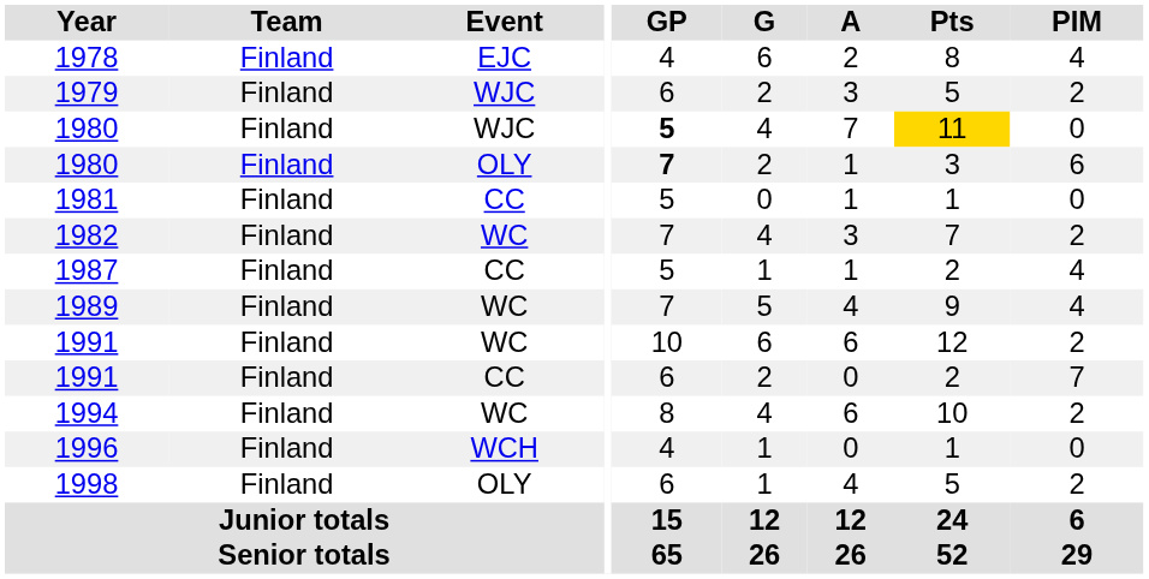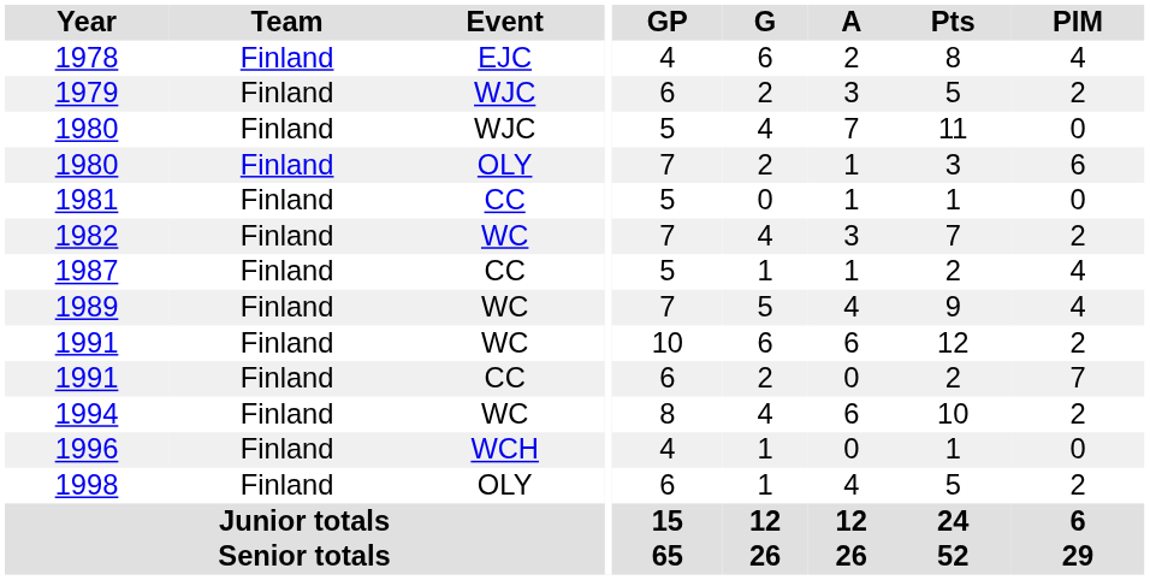 <table border="0" cellpadding="1" cellspacing="0" ID="Table3" style="text-align:center; width:40em">
 <tr bgcolor="#e0e0e0">
 <th>Year</th>
 <th>Team</th>
 <th>Event</th>
 <th rowspan="102" bgcolor="#ffffff"></th>
 <th>GP</th>
 <th>G</th>
 <th>A</th>
 <th>Pts</th>
 <th>PIM</th>
 </tr>
 <tr>
 <td><a href='#'>1978</a></td>
 <td><a href='#'>Finland</a></td>
 <td><a href='#'>EJC</a></td>
 <td>4</td>
 <td>6</td>
 <td>2</td>
 <td>8</td>
 <td>4</td>
 </tr>
 <tr bgcolor="#f0f0f0">
 <td><a href='#'>1979</a></td>
 <td>Finland</td>
 <td><a href='#'>WJC</a></td>
 <td>6</td>
 <td>2</td>
 <td>3</td>
 <td>5</td>
 <td>2</td>
 </tr>
 <tr>
 <td><a href='#'>1980</a></td>
 <td>Finland</td>
 <td>WJC</td>
-<td><strong>5</strong></td>
+<td>5</td>
 <td>4</td>
 <td>7</td>
-<td style="background: gold;">11</td>
+<td>11</td>
 <td>0</td>
 </tr>
 <tr bgcolor="#f0f0f0">
 <td><a href='#'>1980</a></td>
 <td><a href='#'>Finland</a></td>
 <td><a href='#'>OLY</a></td>
-<td><strong>7</strong></td>
+<td>7</td>
 <td>2</td>
 <td>1</td>
 <td>3</td>
 <td>6</td>
 </tr>
 <tr>
 <td><a href='#'>1981</a></td>
 <td>Finland</td>
 <td><a href='#'>CC</a></td>
 <td>5</td>
 <td>0</td>
 <td>1</td>
 <td>1</td>
 <td>0</td>
 </tr>
 <tr bgcolor="#f0f0f0">
 <td><a href='#'>1982</a></td>
 <td>Finland</td>
 <td><a href='#'>WC</a></td>
 <td>7</td>
 <td>4</td>
 <td>3</td>
 <td>7</td>
 <td>2</td>
 </tr>
 <tr>
 <td><a href='#'>1987</a></td>
 <td>Finland</td>
 <td>CC</td>
 <td>5</td>
 <td>1</td>
 <td>1</td>
 <td>2</td>
 <td>4</td>
 </tr>
 <tr bgcolor="#f0f0f0">
 <td><a href='#'>1989</a></td>
 <td>Finland</td>
 <td>WC</td>
 <td>7</td>
 <td>5</td>
 <td>4</td>
 <td>9</td>
 <td>4</td>
 </tr>
 <tr>
 <td><a href='#'>1991</a></td>
 <td>Finland</td>
 <td>WC</td>
 <td>10</td>
 <td>6</td>
 <td>6</td>
 <td>12</td>
 <td>2</td>
 </tr>
 <tr bgcolor="#f0f0f0">
 <td><a href='#'>1991</a></td>
 <td>Finland</td>
 <td>CC</td>
 <td>6</td>
 <td>2</td>
 <td>0</td>
 <td>2</td>
 <td>7</td>
 </tr>
 <tr>
 <td><a href='#'>1994</a></td>
 <td>Finland</td>
 <td>WC</td>
 <td>8</td>
 <td>4</td>
 <td>6</td>
 <td>10</td>
 <td>2</td>
 </tr>
 <tr bgcolor="#f0f0f0">
 <td><a href='#'>1996</a></td>
 <td>Finland</td>
 <td><a href='#'>WCH</a></td>
 <td>4</td>
 <td>1</td>
 <td>0</td>
 <td>1</td>
 <td>0</td>
 </tr>
 <tr>
 <td><a href='#'>1998</a></td>
 <td>Finland</td>
 <td>OLY</td>
 <td>6</td>
 <td>1</td>
 <td>4</td>
 <td>5</td>
 <td>2</td>
 </tr>
 <tr bgcolor="#e0e0e0">
 <th colspan="3">Junior totals</th>
 <th>15</th>
 <th>12</th>
 <th>12</th>
 <th>24</th>
 <th>6</th>
 </tr>
 <tr bgcolor="#e0e0e0">
 <th colspan="3">Senior totals</th>
 <th>65</th>
 <th>26</th>
 <th>26</th>
 <th>52</th>
 <th>29</th>
 </tr>
 </table>
